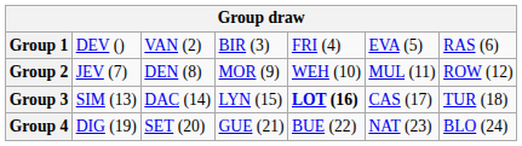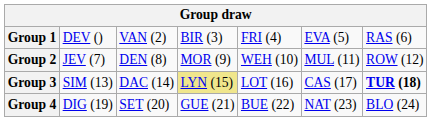 <table class="wikitable" style="text-align:center; font-size:85%">
 <tr>
 <th colspan="7">Group draw</th>
 </tr>
 <tr>
 <th>Group 1</th>
 <td align="left"> <a href='#'>DEV</a> ()</td>
 <td align="left"> <a href='#'>VAN</a> (2)</td>
 <td align="left"> <a href='#'>BIR</a> (3)</td>
 <td align="left"> <a href='#'>FRI</a> (4)</td>
 <td align="left"> <a href='#'>EVA</a> (5)</td>
 <td align="left"> <a href='#'>RAS</a> (6)</td>
 </tr>
 <tr>
 <th>Group 2</th>
 <td align="left"> <a href='#'>JEV</a> (7)</td>
 <td align="left"> <a href='#'>DEN</a> (8)</td>
 <td align="left"> <a href='#'>MOR</a> (9)</td>
 <td align="left"> <a href='#'>WEH</a> (10)</td>
 <td align="left"> <a href='#'>MUL</a> (11)</td>
 <td align="left"> <a href='#'>ROW</a> (12)</td>
 </tr>
 <tr>
 <th>Group 3</th>
 <td align="left"> <a href='#'>SIM</a> (13)</td>
 <td align="left"> <a href='#'>DAC</a> (14)</td>
-<td align="left"> <a href='#'>LYN</a> (15)</td>
-<td align="left"><strong> <a href='#'>LOT</a> (16)</strong></td>
+<td align="left" style="background: khaki;"> <a href='#'>LYN</a> (15)</td>
+<td align="left"> <a href='#'>LOT</a> (16)</td>
 <td align="left"> <a href='#'>CAS</a> (17)</td>
-<td align="left"> <a href='#'>TUR</a> (18)</td>
+<td align="left"><strong> <a href='#'>TUR</a> (18)</strong></td>
 </tr>
 <tr>
 <th>Group 4</th>
 <td align="left"> <a href='#'>DIG</a> (19)</td>
 <td align="left"> <a href='#'>SET</a> (20)</td>
 <td align="left"> <a href='#'>GUE</a> (21)</td>
 <td align="left"> <a href='#'>BUE</a> (22)</td>
 <td align="left"> <a href='#'>NAT</a> (23)</td>
 <td align="left"> <a href='#'>BLO</a> (24)</td>
 </tr>
 <tr>
 </tr>
 </table>
